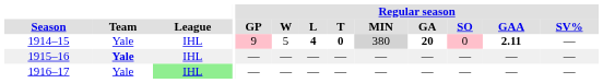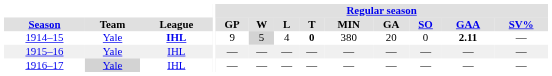 <table border="0" cellpadding="1" cellspacing="0" style="text-align:center; width:50em">
 <tr bgcolor="#e0e0e0">
 <th colspan="3" bgcolor="#ffffff"></th>
 <th rowspan="99" bgcolor="#ffffff"></th>
 <th colspan="9" bgcolor="#e0e0e0"><a href='#'>Regular season</a></th>
 </tr>
 <tr bgcolor="#e0e0e0">
 <th><a href='#'>Season</a></th>
 <th>Team</th>
 <th>League</th>
 <th>GP</th>
 <th>W</th>
 <th>L</th>
 <th>T</th>
 <th>MIN</th>
 <th>GA</th>
 <th><a href='#'>SO</a></th>
 <th><a href='#'>GAA</a></th>
 <th><a href='#'>SV%</a></th>
 </tr>
 <tr>
 <td><a href='#'>1914–15</a></td>
 <td><a href='#'>Yale</a></td>
-<td><a href='#'>IHL</a></td>
-<td style="background: pink;">9</td>
-<td>5</td>
-<td><strong>4</strong></td>
+<td><strong><a href='#'>IHL</a></strong></td>
+<td>9</td>
+<td style="background: lightgrey;">5</td>
+<td>4</td>
 <td><strong>0</strong></td>
-<td style="background: lightgrey;">380</td>
-<td><strong>20</strong></td>
-<td style="background: pink;">0</td>
+<td>380</td>
+<td>20</td>
+<td>0</td>
 <td><strong>2.11</strong></td>
 <td>—</td>
 </tr>
 <tr bgcolor="f0f0f0">
 <td><a href='#'>1915–16</a></td>
-<td><strong><a href='#'>Yale</a></strong></td>
+<td><a href='#'>Yale</a></td>
 <td><a href='#'>IHL</a></td>
 <td>—</td>
 <td>—</td>
 <td>—</td>
 <td>—</td>
 <td>—</td>
 <td>—</td>
 <td>—</td>
 <td>—</td>
 <td>—</td>
 </tr>
 <tr>
 <td><a href='#'>1916–17</a></td>
-<td><a href='#'>Yale</a></td>
-<td style="background: lightgreen;"><a href='#'>IHL</a></td>
+<td style="background: lightgrey;"><a href='#'>Yale</a></td>
+<td><a href='#'>IHL</a></td>
 <td>—</td>
 <td>—</td>
 <td>—</td>
 <td>—</td>
 <td>—</td>
 <td>—</td>
 <td>—</td>
 <td>—</td>
 <td>—</td>
 </tr>
 <tr>
 </tr>
 </table>
